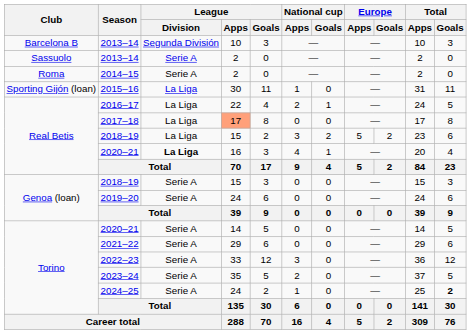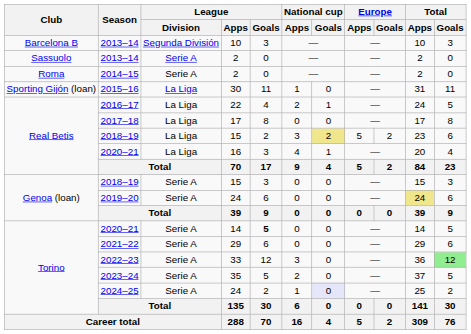 <table class="wikitable" style="text-align: center;">
 <tr>
 <th rowspan="2">Club</th>
 <th rowspan="2">Season</th>
 <th colspan="3">League</th>
 <th colspan="2">National cup</th>
 <th colspan="2"><a href='#'>Europe</a></th>
 <th colspan="2">Total</th>
 </tr>
 <tr>
 <th>Division</th>
 <th>Apps</th>
 <th>Goals</th>
 <th>Apps</th>
 <th>Goals</th>
 <th>Apps</th>
 <th>Goals</th>
 <th>Apps</th>
 <th>Goals</th>
 </tr>
 <tr>
 <td><a href='#'>Barcelona B</a></td>
 <td><a href='#'>2013–14</a></td>
 <td><a href='#'>Segunda División</a></td>
 <td>10</td>
 <td>3</td>
 <td colspan="2">—</td>
 <td colspan=2>—</td>
 <td>10</td>
 <td>3</td>
 </tr>
 <tr>
 <td><a href='#'>Sassuolo</a></td>
 <td><a href='#'>2013–14</a></td>
 <td><a href='#'>Serie A</a></td>
 <td>2</td>
 <td>0</td>
 <td colspan="2">—</td>
 <td colspan=2>—</td>
 <td>2</td>
 <td>0</td>
 </tr>
 <tr>
 <td><a href='#'>Roma</a></td>
 <td><a href='#'>2014–15</a></td>
 <td>Serie A</td>
 <td>2</td>
 <td>0</td>
 <td colspan="2">—</td>
 <td colspan="2">—</td>
 <td>2</td>
 <td>0</td>
 </tr>
 <tr>
 <td><a href='#'>Sporting Gijón</a> (loan)</td>
 <td><a href='#'>2015–16</a></td>
 <td><a href='#'>La Liga</a></td>
 <td>30</td>
 <td>11</td>
 <td>1</td>
 <td>0</td>
 <td colspan="2">—</td>
 <td>31</td>
 <td>11</td>
 </tr>
 <tr>
 <td rowspan="5"><a href='#'>Real Betis</a></td>
 <td><a href='#'>2016–17</a></td>
 <td>La Liga</td>
 <td>22</td>
 <td>4</td>
 <td>2</td>
 <td>1</td>
 <td colspan="2">—</td>
 <td>24</td>
 <td>5</td>
 </tr>
 <tr>
 <td><a href='#'>2017–18</a></td>
 <td>La Liga</td>
-<td style="background: lightsalmon;">17</td>
+<td>17</td>
 <td>8</td>
 <td>0</td>
 <td>0</td>
 <td colspan="2">—</td>
 <td>17</td>
 <td>8</td>
 </tr>
 <tr>
 <td><a href='#'>2018–19</a></td>
 <td>La Liga</td>
 <td>15</td>
 <td>2</td>
 <td>3</td>
-<td>2</td>
+<td style="background: khaki;">2</td>
 <td>5</td>
 <td>2</td>
 <td>23</td>
 <td>6</td>
 </tr>
 <tr>
 <td><a href='#'>2020–21</a></td>
-<td><strong>La Liga</strong></td>
+<td>La Liga</td>
 <td>16</td>
 <td>3</td>
 <td>4</td>
 <td>1</td>
 <td colspan="2">—</td>
 <td>20</td>
 <td>4</td>
 </tr>
 <tr>
 <th colspan="2">Total</th>
 <th>70</th>
 <th>17</th>
 <th>9</th>
 <th>4</th>
 <th>5</th>
 <th>2</th>
 <th>84</th>
 <th>23</th>
 </tr>
 <tr>
 <td rowspan="3"><a href='#'>Genoa</a> (loan)</td>
 <td><a href='#'>2018–19</a></td>
 <td>Serie A</td>
 <td>15</td>
 <td>3</td>
 <td>0</td>
 <td>0</td>
 <td colspan="2">—</td>
 <td>15</td>
 <td>3</td>
 </tr>
 <tr>
 <td><a href='#'>2019–20</a></td>
 <td>Serie A</td>
 <td>24</td>
 <td>6</td>
 <td>0</td>
 <td>0</td>
 <td colspan="2">—</td>
-<td>24</td>
+<td style="background: khaki;">24</td>
 <td>6</td>
 </tr>
 <tr>
 <th colspan="2">Total</th>
 <th>39</th>
 <th>9</th>
 <th>0</th>
 <th>0</th>
 <th>0</th>
 <th>0</th>
 <th>39</th>
 <th>9</th>
 </tr>
 <tr>
 <td rowspan="6"><a href='#'>Torino</a></td>
 <td><a href='#'>2020–21</a></td>
 <td>Serie A</td>
 <td>14</td>
-<td>5</td>
+<td><strong>5</strong></td>
 <td>0</td>
 <td>0</td>
 <td colspan="2">—</td>
 <td>14</td>
 <td>5</td>
 </tr>
 <tr>
 <td><a href='#'>2021–22</a></td>
 <td>Serie A</td>
 <td>29</td>
 <td>6</td>
 <td>0</td>
 <td>0</td>
 <td colspan="2">—</td>
 <td>29</td>
 <td>6</td>
 </tr>
 <tr>
 <td><a href='#'>2022–23</a></td>
 <td>Serie A</td>
 <td>33</td>
 <td>12</td>
 <td>3</td>
 <td>0</td>
 <td colspan="2">—</td>
 <td>36</td>
-<td>12</td>
+<td style="background: lightgreen;">12</td>
 </tr>
 <tr>
 <td><a href='#'>2023–24</a></td>
 <td>Serie A</td>
 <td>35</td>
 <td>5</td>
 <td>2</td>
 <td>0</td>
 <td colspan="2">—</td>
 <td>37</td>
 <td>5</td>
 </tr>
 <tr>
 <td><a href='#'>2024–25</a></td>
 <td>Serie A</td>
 <td>24</td>
 <td>2</td>
 <td>1</td>
-<td>0</td>
+<td style="background: lavender;">0</td>
 <td colspan="2">—</td>
 <td>25</td>
-<td><strong>2</strong></td>
+<td>2</td>
 </tr>
 <tr>
 <th colspan="2">Total</th>
 <th>135</th>
 <th>30</th>
 <th>6</th>
 <th>0</th>
 <th>0</th>
 <th>0</th>
 <th>141</th>
 <th>30</th>
 </tr>
 <tr>
 <th colspan="3">Career total</th>
 <th>288</th>
 <th>70</th>
 <th>16</th>
 <th>4</th>
 <th>5</th>
 <th>2</th>
 <th>309</th>
 <th>76</th>
 </tr>
 </table>
